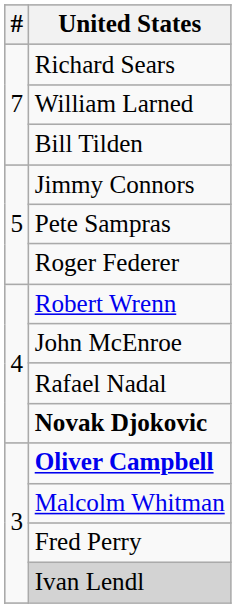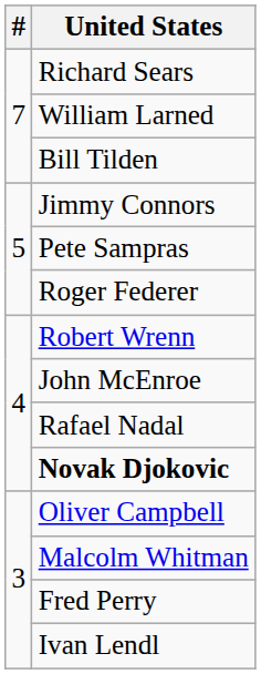 <table class=wikitable style="display:inline-table;">
 <tr>
 <th>#</th>
 <th>United States</th>
 </tr>
 <tr>
 <td rowspan="3">7</td>
 <td> Richard Sears</td>
 </tr>
 <tr>
 <td> William Larned</td>
 </tr>
 <tr>
 <td> Bill Tilden</td>
 </tr>
 <tr>
 <td rowspan="3">5</td>
 <td> Jimmy Connors</td>
 </tr>
 <tr>
 <td> Pete Sampras</td>
 </tr>
 <tr>
 <td> Roger Federer</td>
 </tr>
 <tr>
 <td rowspan="4">4</td>
 <td> <a href='#'>Robert Wrenn</a></td>
 </tr>
 <tr>
 <td> John McEnroe</td>
 </tr>
 <tr>
 <td> Rafael Nadal</td>
 </tr>
 <tr>
 <td> <strong>Novak Djokovic</strong></td>
 </tr>
 <tr>
 <td rowspan="4">3</td>
-<td><strong> <a href='#'>Oliver Campbell</a></strong></td>
+<td> <a href='#'>Oliver Campbell</a></td>
 </tr>
 <tr>
 <td> <a href='#'>Malcolm Whitman</a></td>
 </tr>
 <tr>
 <td> Fred Perry</td>
 </tr>
 <tr>
-<td style="background: lightgrey;"> Ivan Lendl</td>
+<td> Ivan Lendl</td>
 </tr>
 </table>
